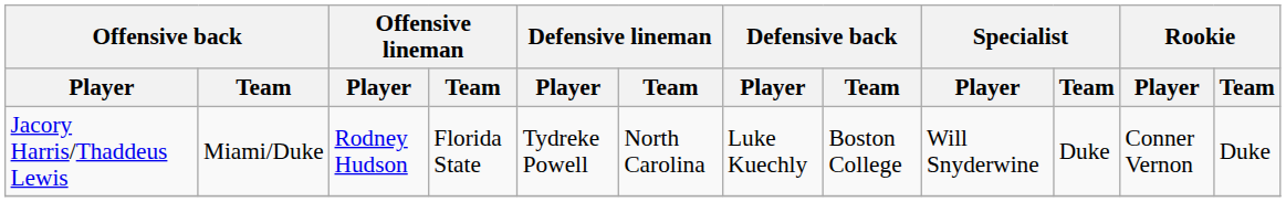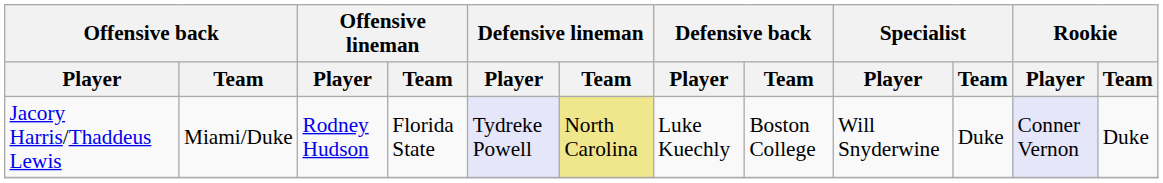 <table class="wikitable" border="1">
 <tr>
 <th colspan="2">Offensive back</th>
 <th colspan="2">Offensive lineman</th>
 <th colspan="2">Defensive lineman</th>
 <th colspan="2">Defensive back</th>
 <th colspan="2">Specialist</th>
 <th colspan="2">Rookie</th>
 </tr>
 <tr>
 <th>Player</th>
 <th>Team</th>
 <th>Player</th>
 <th>Team</th>
 <th>Player</th>
 <th>Team</th>
 <th>Player</th>
 <th>Team</th>
 <th>Player</th>
 <th>Team</th>
 <th>Player</th>
 <th>Team</th>
 </tr>
 <tr>
 <td><a href='#'>Jacory Harris</a>/<a href='#'>Thaddeus Lewis</a></td>
 <td>Miami/Duke</td>
 <td><a href='#'>Rodney Hudson</a></td>
 <td>Florida State</td>
-<td>Tydreke Powell</td>
-<td>North Carolina</td>
+<td style="background: lavender;">Tydreke Powell</td>
+<td style="background: khaki;">North Carolina</td>
 <td>Luke Kuechly</td>
 <td>Boston College</td>
 <td>Will Snyderwine</td>
 <td>Duke</td>
-<td>Conner Vernon</td>
+<td style="background: lavender;">Conner Vernon</td>
 <td>Duke</td>
 </tr>
 <tr>
 </tr>
 </table>
